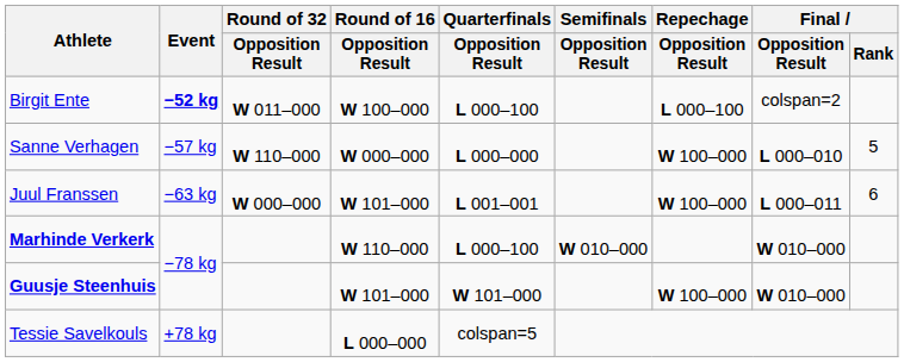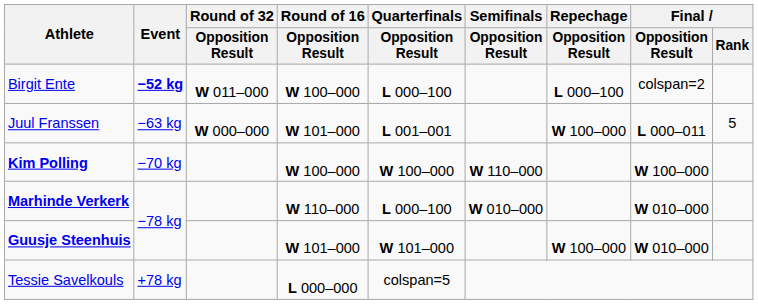 <table class="wikitable" style="text-align:center; font-size:90%">
 <tr>
 <th rowspan=2>Athlete</th>
 <th rowspan=2>Event</th>
 <th>Round of 32</th>
 <th>Round of 16</th>
 <th>Quarterfinals</th>
 <th>Semifinals</th>
 <th>Repechage</th>
 <th colspan=2>Final / </th>
 </tr>
 <tr style="font-size:95%">
 <th>Opposition<br>Result</th>
 <th>Opposition<br>Result</th>
 <th>Opposition<br>Result</th>
 <th>Opposition<br>Result</th>
 <th>Opposition<br>Result</th>
 <th>Opposition<br>Result</th>
 <th>Rank</th>
 </tr>
 <tr>
 <td align=left><a href='#'>Birgit Ente</a></td>
 <td align=left><strong><a href='#'>−52 kg</a></strong></td>
 <td><br><strong>W</strong> 011–000</td>
 <td><br><strong>W</strong> 100–000</td>
 <td><br><strong>L</strong> 000–100</td>
 <td></td>
 <td><br><strong>L</strong> 000–100</td>
 <td>colspan=2 </td>
 </tr>
 <tr>
-<td align=left><a href='#'>Sanne Verhagen</a></td>
-<td align=left><a href='#'>−57 kg</a></td>
-<td><br><strong>W</strong> 110–000</td>
-<td><br><strong>W</strong> 000–000</td>
-<td><br><strong>L</strong> 000–000</td>
-<td></td>
-<td><br><strong>W</strong> 100–000</td>
-<td><br><strong>L</strong> 000–010</td>
-<td>5</td>
-</tr>
-<tr>
 <td align=left><a href='#'>Juul Franssen</a></td>
 <td align=left><a href='#'>−63 kg</a></td>
 <td><br><strong>W</strong> 000–000</td>
 <td><br><strong>W</strong> 101–000</td>
 <td><br><strong>L</strong> 001–001</td>
 <td></td>
 <td><br><strong>W</strong> 100–000</td>
 <td><br><strong>L</strong> 000–011</td>
-<td>6</td>
+<td>5</td>
+</tr>
+<tr>
+<td align=left><strong><a href='#'>Kim Polling</a></strong></td>
+<td align=left><a href='#'>−70 kg</a></td>
+<td></td>
+<td><br><strong>W</strong> 100–000</td>
+<td><br><strong>W</strong> 100–000</td>
+<td><br><strong>W</strong> 110–000</td>
+<td></td>
+<td><br><strong>W</strong> 100–000</td>
+<td></td>
 </tr>
 <tr>
 <td align=left><strong><a href='#'>Marhinde Verkerk</a></strong></td>
 <td align=left rowspan=2><a href='#'>−78 kg</a></td>
 <td></td>
 <td><br><strong>W</strong> 110–000</td>
 <td><br><strong>L</strong> 000–100</td>
 <td><br><strong>W</strong> 010–000</td>
 <td></td>
 <td><br><strong>W</strong> 010–000</td>
 <td></td>
 </tr>
 <tr>
 <td align=left><strong><a href='#'>Guusje Steenhuis</a></strong></td>
 <td></td>
 <td><br><strong>W</strong> 101–000</td>
 <td><br><strong>W</strong> 101–000</td>
 <td></td>
 <td><br><strong>W</strong> 100–000</td>
 <td><br><strong>W</strong> 010–000</td>
 <td></td>
 </tr>
 <tr>
 <td align=left><a href='#'>Tessie Savelkouls</a></td>
 <td align=left><a href='#'>+78 kg</a></td>
 <td></td>
 <td><br><strong>L</strong> 000–000</td>
 <td>colspan=5 </td>
 </tr>
 </table>
